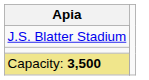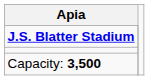 <table class="wikitable">
 <tr>
 <th colspan=2>Apia</th>
 <td rowspan=4><br></td>
 </tr>
 <tr>
-<td><a href='#'>J.S. Blatter Stadium</a></td>
+<td><strong><a href='#'>J.S. Blatter Stadium</a></strong></td>
 </tr>
 <tr>
 <td></td>
 </tr>
 <tr>
-<td style="background: khaki;">Capacity: <strong>3,500</strong></td>
+<td>Capacity: <strong>3,500</strong></td>
 </tr>
 </table>
